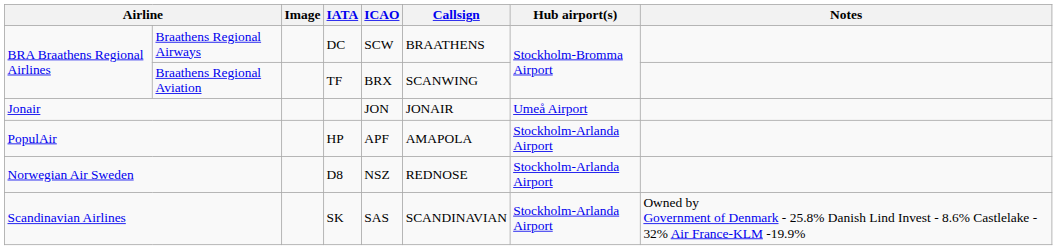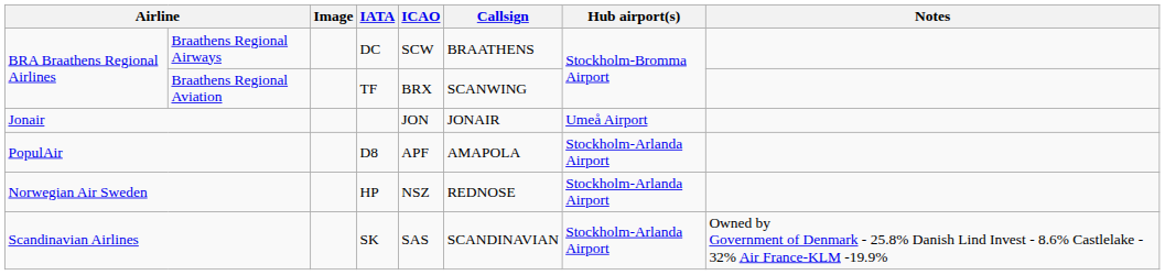 <table class="wikitable sortable" style="border: 0; cellpadding: 2; cellspacing: 3;">
 <tr valign="middle">
 <th colspan="2">Airline</th>
 <th>Image</th>
 <th><a href='#'>IATA</a></th>
 <th><a href='#'>ICAO</a></th>
 <th><a href='#'>Callsign</a></th>
 <th>Hub airport(s)</th>
 <th class="unsortable">Notes</th>
 </tr>
 <tr>
 <td rowspan="2"><a href='#'>BRA Braathens Regional Airlines</a></td>
 <td><a href='#'>Braathens Regional Airways</a></td>
 <td></td>
 <td>DC</td>
 <td>SCW</td>
 <td>BRAATHENS</td>
 <td rowspan="2"><a href='#'>Stockholm-Bromma Airport</a></td>
 <td></td>
 </tr>
 <tr>
 <td><a href='#'>Braathens Regional Aviation</a></td>
 <td></td>
 <td>TF</td>
 <td>BRX</td>
 <td>SCANWING</td>
 <td></td>
 </tr>
 <tr>
 <td colspan="2"><a href='#'>Jonair</a></td>
 <td></td>
 <td></td>
 <td>JON</td>
 <td>JONAIR</td>
 <td><a href='#'>Umeå Airport</a></td>
 <td></td>
 </tr>
 <tr>
 <td colspan="2"><a href='#'>PopulAir</a></td>
 <td></td>
-<td>HP</td>
+<td>D8</td>
 <td>APF</td>
 <td>AMAPOLA</td>
 <td><a href='#'>Stockholm-Arlanda Airport</a></td>
 <td></td>
 </tr>
 <tr>
 <td colspan="2"><a href='#'>Norwegian Air Sweden</a></td>
 <td></td>
-<td>D8</td>
+<td>HP</td>
 <td>NSZ</td>
 <td>REDNOSE</td>
 <td><a href='#'>Stockholm-Arlanda Airport</a></td>
 <td></td>
 </tr>
 <tr>
 <td colspan="2"><a href='#'>Scandinavian Airlines</a></td>
 <td></td>
 <td>SK</td>
 <td>SAS</td>
 <td>SCANDINAVIAN</td>
 <td><a href='#'>Stockholm-Arlanda Airport</a></td>
 <td>Owned by<br><a href='#'>Government of Denmark</a> - 25.8% Danish Lind Invest - 8.6% Castlelake - 32% <a href='#'>Air France-KLM</a> -19.9%</td>
 </tr>
 </table>
